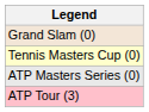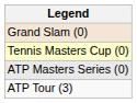 <table class="wikitable">
 <tr>
 <th>Legend</th>
 </tr>
 <tr style="background:#f3e6d7;">
 <td>Grand Slam (0)</td>
 </tr>
 <tr style="background:#ffffcc;">
 <td>Tennis Masters Cup (0)</td>
 </tr>
 <tr style="background:#e9e9e9;">
 <td>ATP Masters Series (0)</td>
 </tr>
 <tr>
-<td style="background: pink;">ATP Tour (3)</td>
+<td>ATP Tour (3)</td>
 </tr>
 </table>
